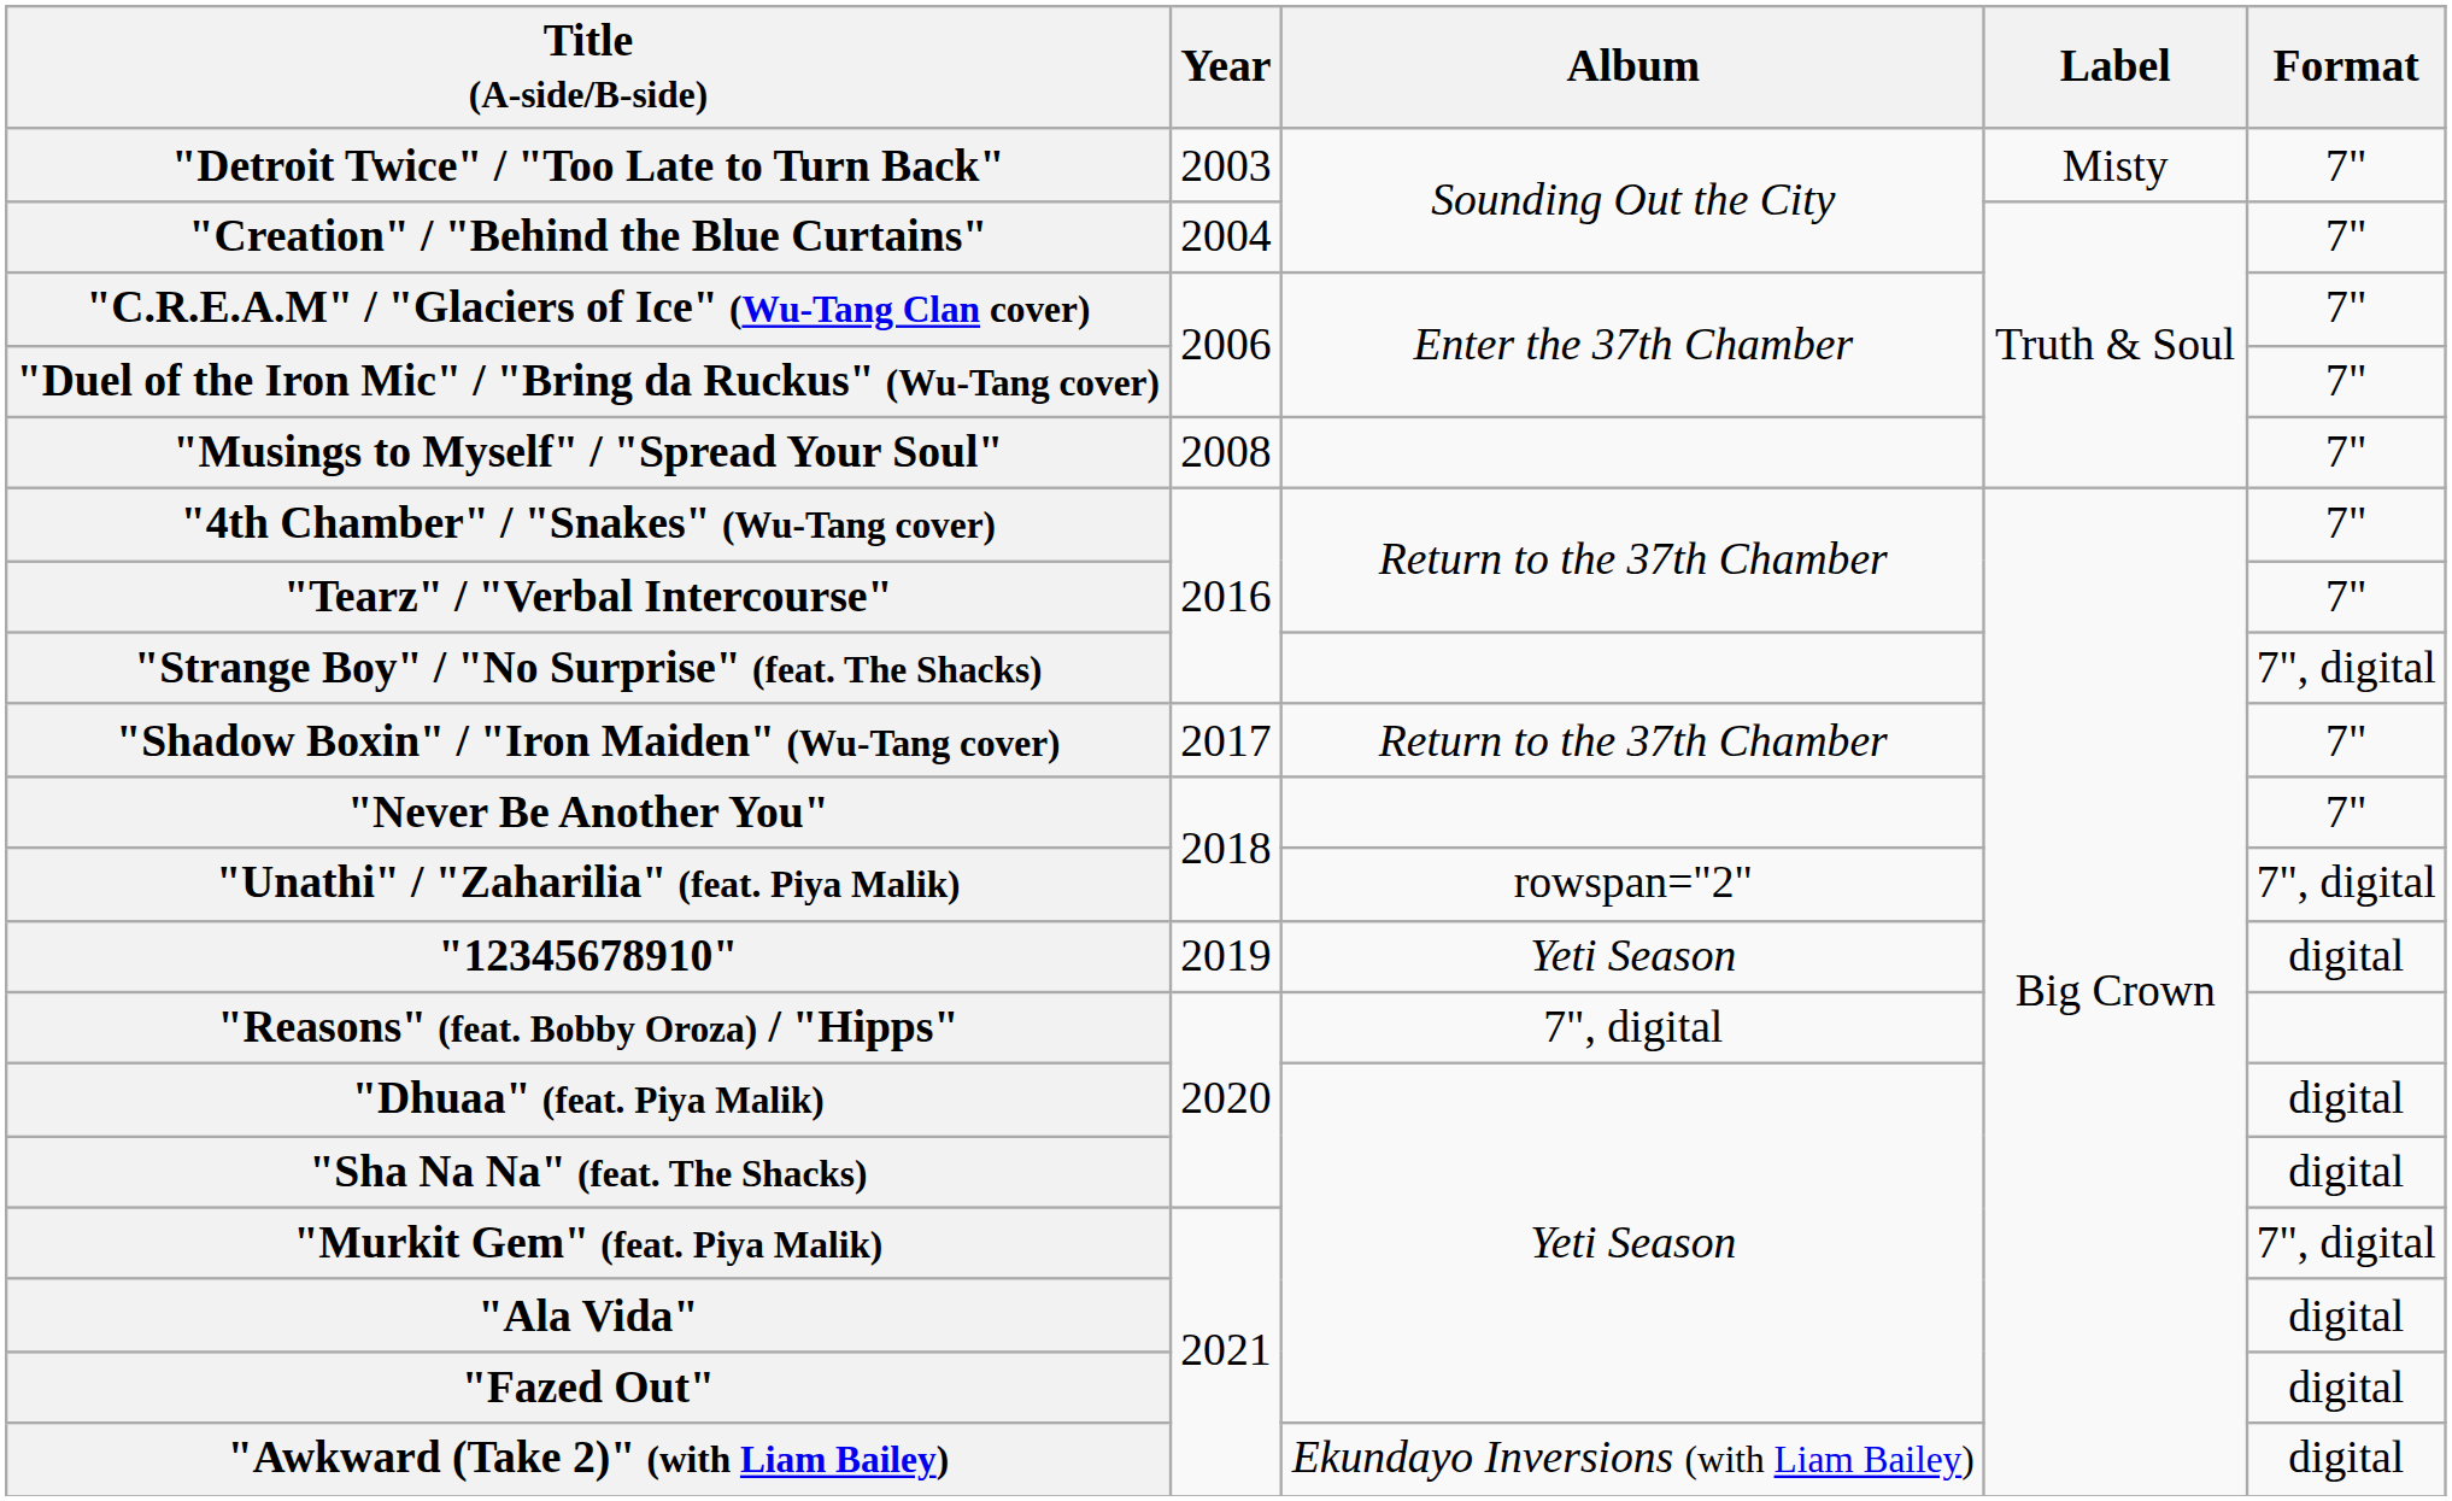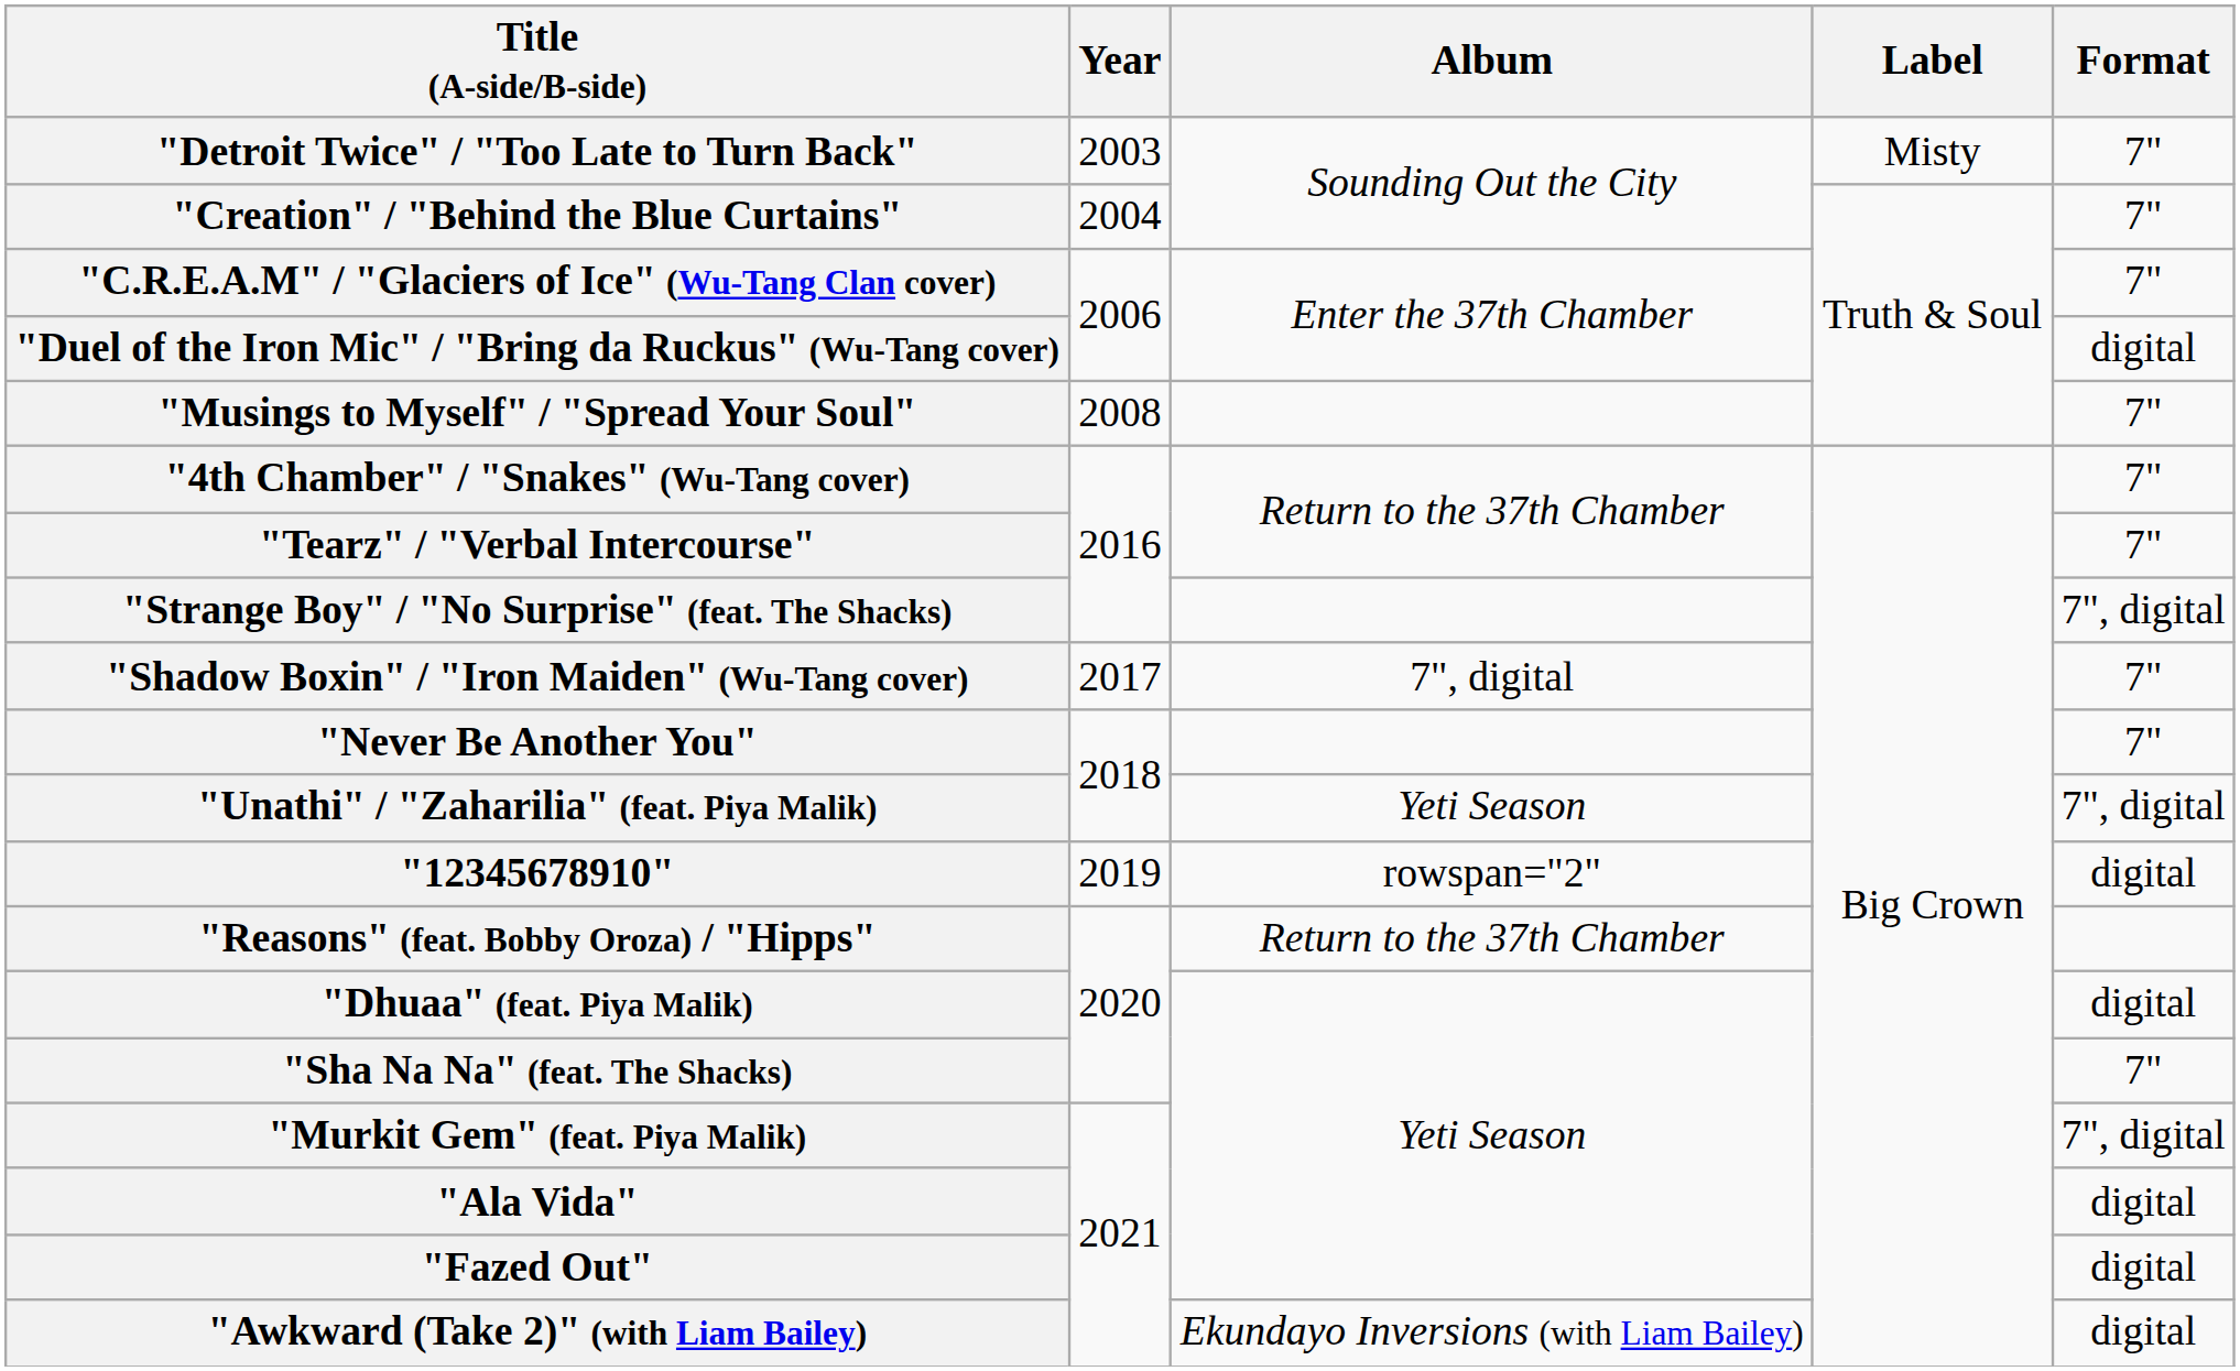 <table class="wikitable plainrowheaders" style="text-align:center;">
 <tr>
 <th scope="col">Title<br><small>(A-side/B-side)</small></th>
 <th scope="col">Year</th>
 <th scope="col">Album</th>
 <th>Label</th>
 <th>Format</th>
 </tr>
 <tr>
 <th scope="row">"Detroit Twice" / "Too Late to Turn Back"</th>
 <td>2003</td>
 <td rowspan="2"><em>Sounding Out the City</em></td>
 <td>Misty</td>
 <td>7"</td>
 </tr>
 <tr>
 <th scope="row">"Creation" / "Behind the Blue Curtains"</th>
 <td>2004</td>
 <td rowspan="4">Truth & Soul</td>
 <td>7"</td>
 </tr>
 <tr>
 <th scope="row">"C.R.E.A.M" / "Glaciers of Ice" <small>(<a href='#'>Wu-Tang Clan</a> cover)</small></th>
 <td rowspan="2">2006</td>
 <td rowspan="2"><em>Enter the 37th Chamber</em></td>
 <td>7"</td>
 </tr>
 <tr>
 <th scope="row">"Duel of the Iron Mic" / "Bring da Ruckus" <small>(Wu-Tang cover)</small></th>
-<td>7"</td>
+<td>digital</td>
 </tr>
 <tr>
 <th scope="row">"Musings to Myself" / "Spread Your Soul"</th>
 <td>2008</td>
 <td></td>
 <td>7"</td>
 </tr>
 <tr>
 <th scope="row">"4th Chamber" / "Snakes" <small>(Wu-Tang cover)</small></th>
 <td rowspan="3">2016</td>
 <td rowspan="2"><em>Return to the 37th Chamber</em></td>
 <td rowspan="14">Big Crown</td>
 <td>7"</td>
 </tr>
 <tr>
 <th scope="row">"Tearz" / "Verbal Intercourse"</th>
 <td>7"</td>
 </tr>
 <tr>
 <th scope="row">"Strange Boy" / "No Surprise" <small>(feat. The Shacks)</small></th>
 <td></td>
 <td>7", digital</td>
 </tr>
 <tr>
 <th scope="row">"Shadow Boxin" / "Iron Maiden" <small>(Wu-Tang cover)</small></th>
 <td>2017</td>
-<td><em>Return to the 37th Chamber</em></td>
+<td>7", digital</td>
 <td>7"</td>
 </tr>
 <tr>
 <th scope="row">"Never Be Another You"</th>
 <td rowspan="2">2018</td>
 <td></td>
 <td>7"</td>
 </tr>
 <tr>
 <th scope="row">"Unathi" / "Zaharilia" <small>(feat. Piya Malik)</small></th>
-<td>rowspan="2" </td>
+<td><em>Yeti Season</em></td>
 <td>7", digital</td>
 </tr>
 <tr>
 <th scope="row">"12345678910"</th>
 <td>2019</td>
-<td><em>Yeti Season</em></td>
+<td>rowspan="2" </td>
 <td>digital</td>
 </tr>
 <tr>
 <th scope="row">"Reasons" <small>(feat. Bobby Oroza)</small> / "Hipps"</th>
 <td rowspan="3">2020</td>
-<td>7", digital</td>
+<td><em>Return to the 37th Chamber</em></td>
 </tr>
 <tr>
 <th scope="row">"Dhuaa" <small>(feat. Piya Malik)</small></th>
 <td rowspan="5"><em>Yeti Season</em></td>
 <td>digital</td>
 </tr>
 <tr>
 <th scope="row">"Sha Na Na" <small>(feat. The Shacks)</small></th>
-<td>digital</td>
+<td>7"</td>
 </tr>
 <tr>
 <th scope="row">"Murkit Gem" <small>(feat. Piya Malik)</small></th>
 <td rowspan="4">2021</td>
 <td>7", digital</td>
 </tr>
 <tr>
 <th scope="row">"Ala Vida"</th>
 <td>digital</td>
 </tr>
 <tr>
 <th scope="row">"Fazed Out"</th>
 <td>digital</td>
 </tr>
 <tr>
 <th scope="row">"Awkward (Take 2)" <small>(with <a href='#'>Liam Bailey</a>)</small></th>
 <td><em>Ekundayo Inversions</em> <small>(with <a href='#'>Liam Bailey</a>)</small></td>
 <td>digital</td>
 </tr>
 </table>
